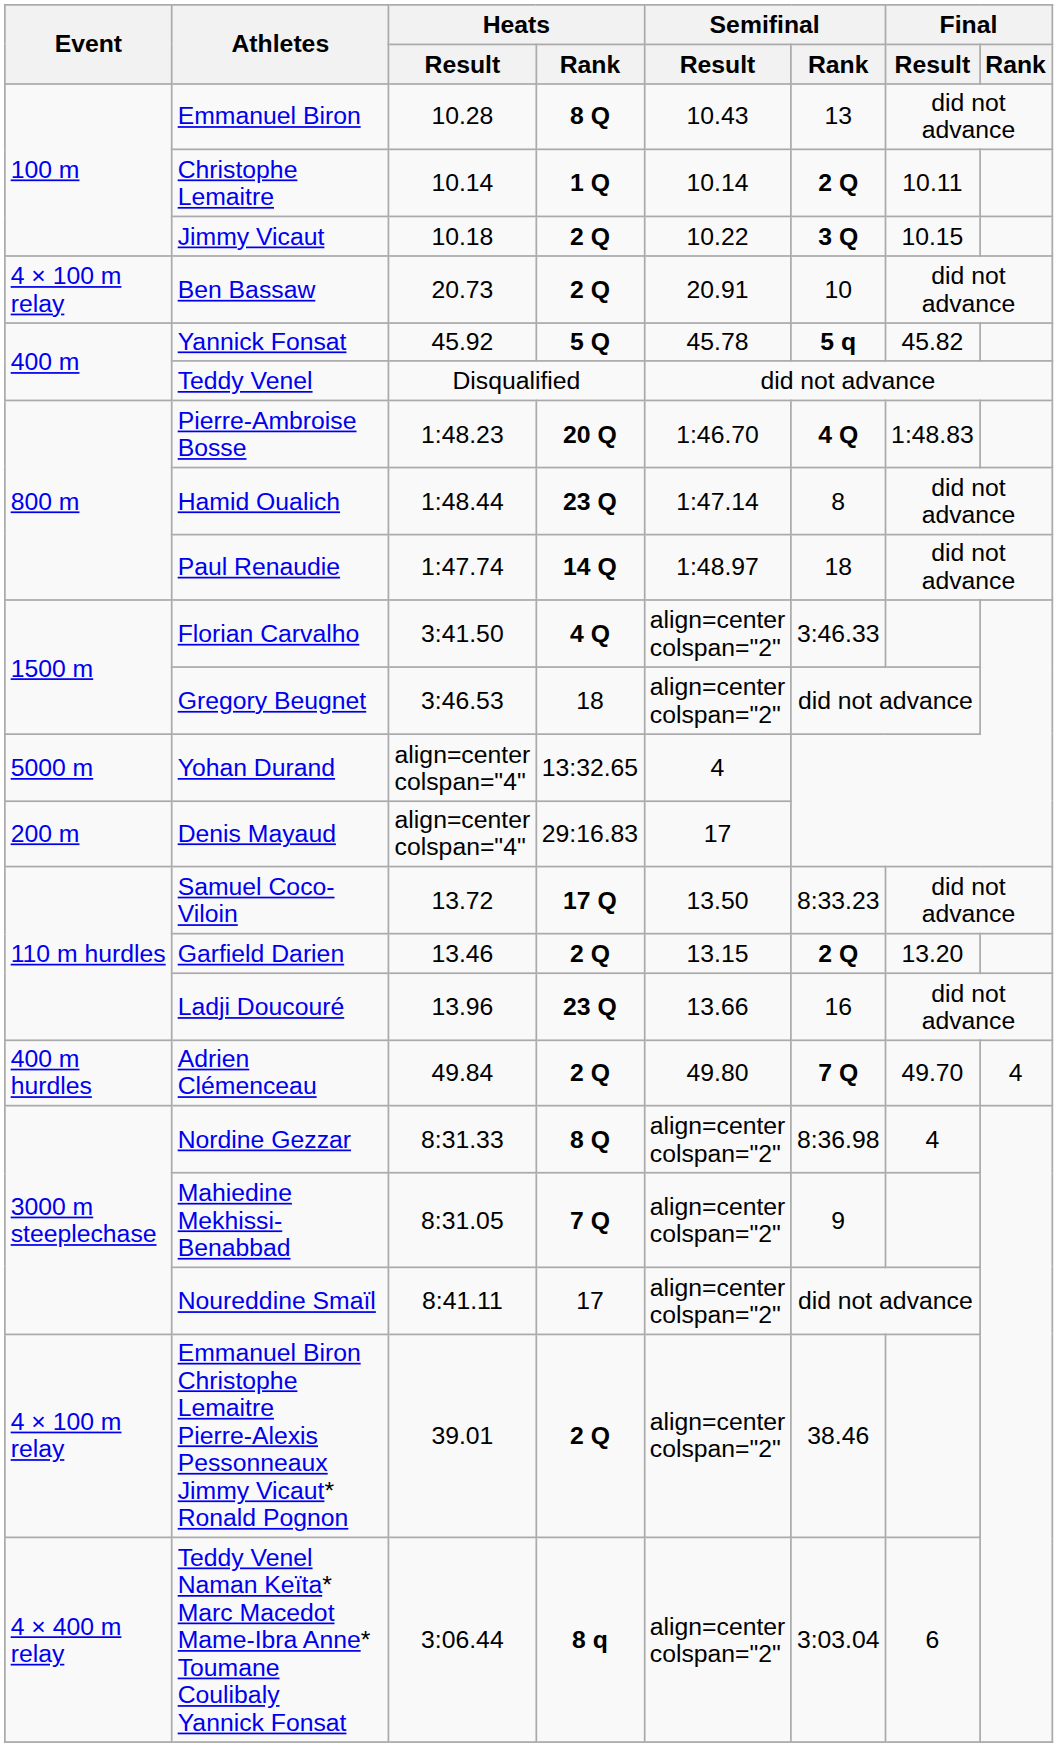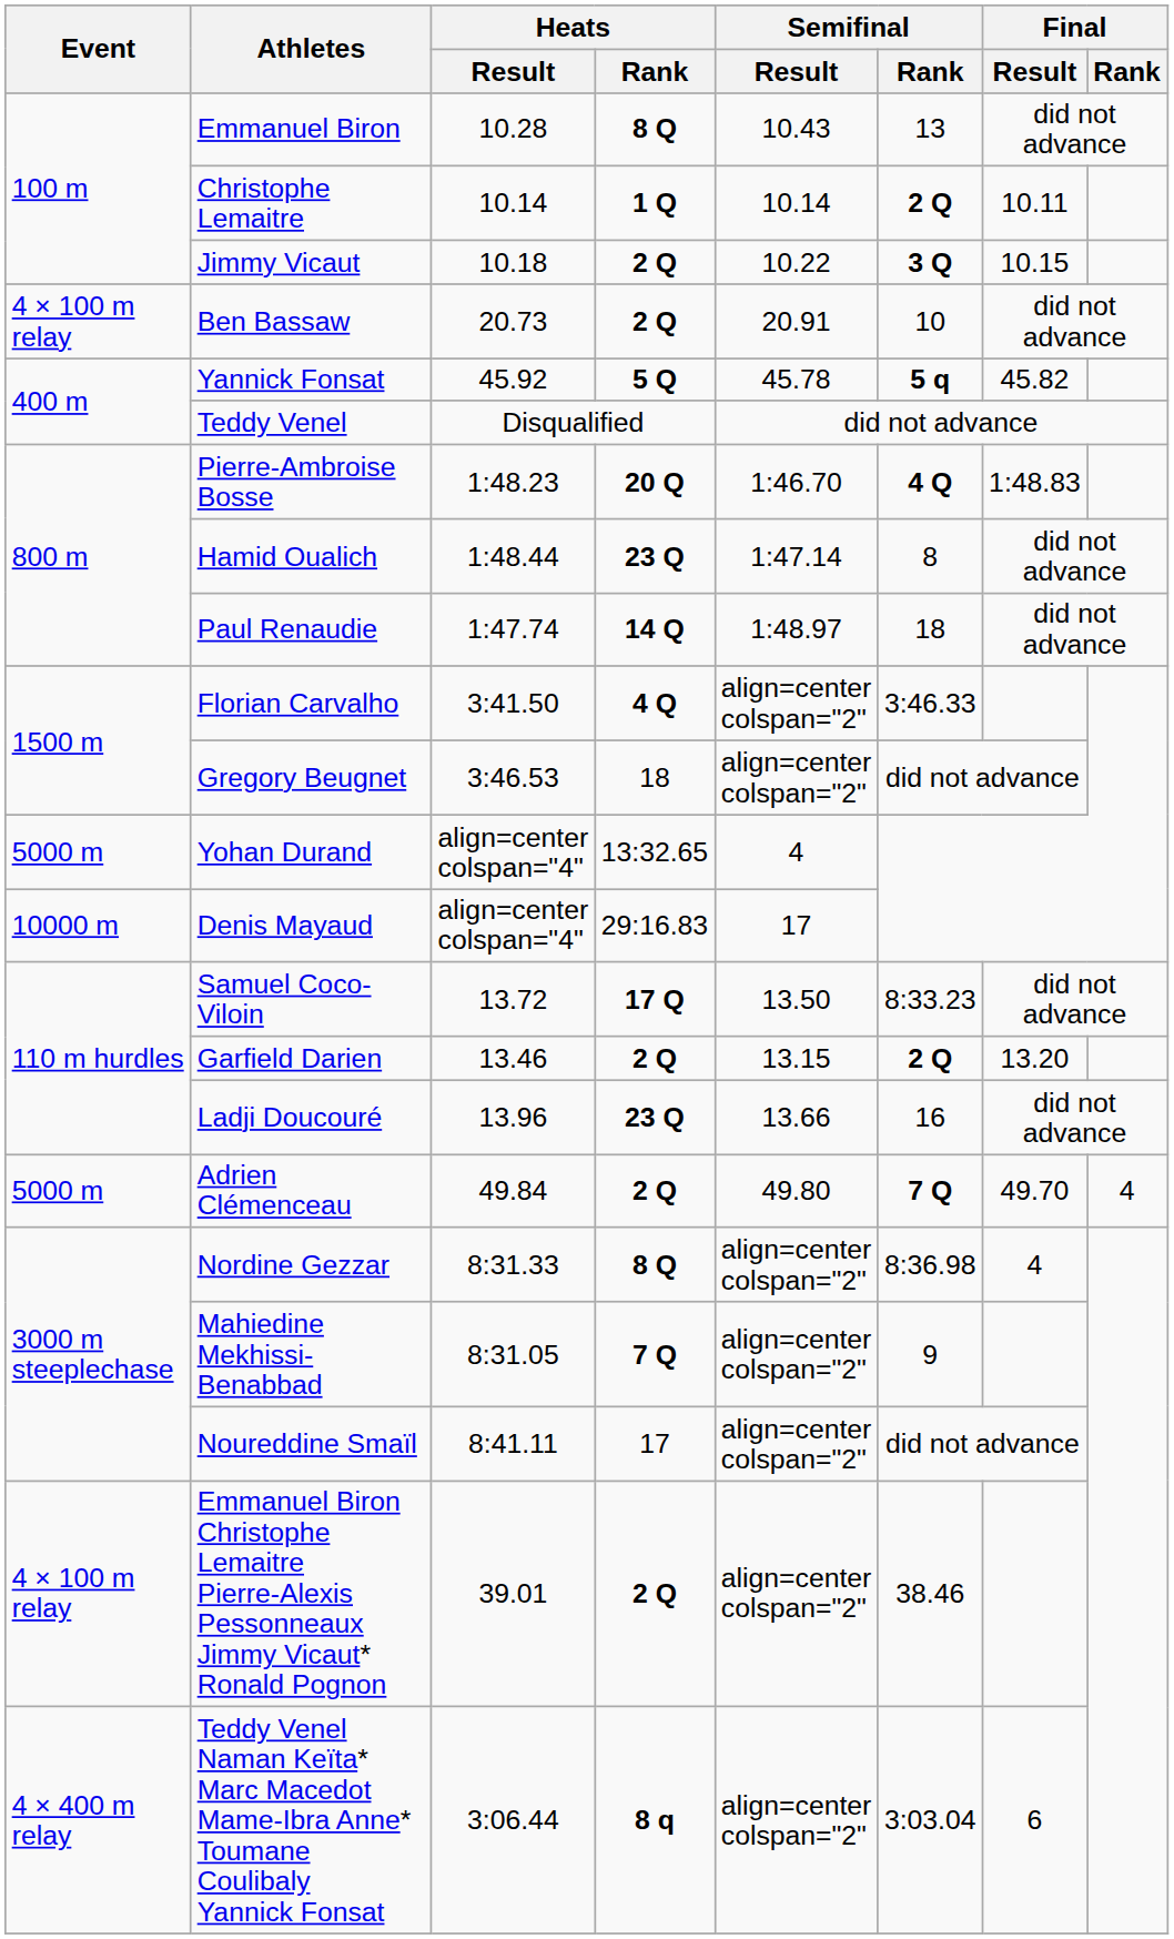 <table class="wikitable" border="1" style="font-size:90%">
 <tr>
 <th rowspan="2" width=100>Event</th>
 <th rowspan="2" width=175>Athletes</th>
 <th colspan="2">Heats</th>
 <th colspan="2">Semifinal</th>
 <th colspan="2">Final</th>
 </tr>
 <tr>
 <th>Result</th>
 <th>Rank</th>
 <th>Result</th>
 <th>Rank</th>
 <th>Result</th>
 <th>Rank</th>
 </tr>
 <tr>
 <td rowspan=3><a href='#'>100 m</a></td>
 <td><a href='#'>Emmanuel Biron</a></td>
 <td align=center>10.28</td>
 <td align=center><strong>8 Q</strong></td>
 <td align=center>10.43</td>
 <td align=center>13</td>
 <td align=center colspan="2">did not advance</td>
 </tr>
 <tr>
 <td><a href='#'>Christophe Lemaitre</a></td>
 <td align=center>10.14</td>
 <td align=center><strong>1 Q</strong></td>
 <td align=center>10.14</td>
 <td align=center><strong>2 Q</strong></td>
 <td align=center>10.11</td>
 <td align=center></td>
 </tr>
 <tr>
 <td><a href='#'>Jimmy Vicaut</a></td>
 <td align=center>10.18</td>
 <td align=center><strong>2 Q</strong></td>
 <td align=center>10.22</td>
 <td align=center><strong>3 Q</strong></td>
 <td align=center>10.15</td>
 <td align=center></td>
 </tr>
 <tr>
 <td><a href='#'>4 × 100 m relay</a></td>
 <td><a href='#'>Ben Bassaw</a></td>
 <td align=center>20.73</td>
 <td align=center><strong>2 Q</strong></td>
 <td align=center>20.91</td>
 <td align=center>10</td>
 <td align=center colspan="2">did not advance</td>
 </tr>
 <tr>
 <td rowspan=2><a href='#'>400 m</a></td>
 <td><a href='#'>Yannick Fonsat</a></td>
 <td align=center>45.92</td>
 <td align=center><strong>5 Q</strong></td>
 <td align=center>45.78</td>
 <td align=center><strong>5 q</strong></td>
 <td align=center>45.82</td>
 <td align=center></td>
 </tr>
 <tr>
 <td><a href='#'>Teddy Venel</a></td>
 <td align=center colspan="2">Disqualified</td>
 <td align=center colspan="4">did not advance</td>
 </tr>
 <tr>
 <td rowspan=3><a href='#'>800 m</a></td>
 <td><a href='#'>Pierre-Ambroise Bosse</a></td>
 <td align=center>1:48.23</td>
 <td align=center><strong>20 Q</strong></td>
 <td align=center>1:46.70</td>
 <td align=center><strong>4 Q</strong></td>
 <td align=center>1:48.83</td>
 <td align=center></td>
 </tr>
 <tr>
 <td><a href='#'>Hamid Oualich</a></td>
 <td align=center>1:48.44</td>
 <td align=center><strong>23 Q</strong></td>
 <td align=center>1:47.14</td>
 <td align=center>8</td>
 <td align=center colspan="2">did not advance</td>
 </tr>
 <tr>
 <td><a href='#'>Paul Renaudie</a></td>
 <td align=center>1:47.74</td>
 <td align=center><strong>14 Q</strong></td>
 <td align=center>1:48.97</td>
 <td align=center>18</td>
 <td align=center colspan="2">did not advance</td>
 </tr>
 <tr>
 <td rowspan=2><a href='#'>1500 m</a></td>
 <td><a href='#'>Florian Carvalho</a></td>
 <td align=center>3:41.50</td>
 <td align=center><strong>4 Q</strong></td>
 <td>align=center colspan="2" </td>
 <td align=center>3:46.33</td>
 <td align=center></td>
 </tr>
 <tr>
 <td><a href='#'>Gregory Beugnet</a></td>
 <td align=center>3:46.53</td>
 <td align=center>18</td>
 <td>align=center colspan="2" </td>
 <td align=center colspan="2">did not advance</td>
 </tr>
 <tr>
 <td><a href='#'>5000 m</a></td>
 <td><a href='#'>Yohan Durand</a></td>
 <td>align=center colspan="4" </td>
 <td align=center>13:32.65</td>
 <td align=center>4</td>
 </tr>
 <tr>
-<td><a href='#'>200 m</a></td>
+<td><a href='#'>10000 m</a></td>
 <td><a href='#'>Denis Mayaud</a></td>
 <td>align=center colspan="4" </td>
 <td align=center>29:16.83</td>
 <td align=center>17</td>
 </tr>
 <tr>
 <td rowspan=3><a href='#'>110 m hurdles</a></td>
 <td><a href='#'>Samuel Coco-Viloin</a></td>
 <td align=center>13.72</td>
 <td align=center><strong>17 Q</strong></td>
 <td align=center>13.50</td>
 <td align=center>8:33.23</td>
 <td align=center colspan="2">did not advance</td>
 </tr>
 <tr>
 <td><a href='#'>Garfield Darien</a></td>
 <td align=center>13.46</td>
 <td align=center><strong>2 Q</strong></td>
 <td align=center>13.15</td>
 <td align=center><strong>2 Q</strong></td>
 <td align=center>13.20</td>
 <td align=center></td>
 </tr>
 <tr>
 <td><a href='#'>Ladji Doucouré</a></td>
 <td align=center>13.96</td>
 <td align=center><strong>23 Q</strong></td>
 <td align=center>13.66</td>
 <td align=center>16</td>
 <td align=center colspan="2">did not advance</td>
 </tr>
 <tr>
-<td><a href='#'>400 m hurdles</a></td>
+<td><a href='#'>5000 m</a></td>
 <td><a href='#'>Adrien Clémenceau</a></td>
 <td align=center>49.84</td>
 <td align=center><strong>2 Q</strong></td>
 <td align=center>49.80</td>
 <td align=center><strong>7 Q</strong></td>
 <td align=center>49.70</td>
 <td align=center>4</td>
 </tr>
 <tr>
 <td rowspan=3><a href='#'>3000 m steeplechase</a></td>
 <td><a href='#'>Nordine Gezzar</a></td>
 <td align=center>8:31.33</td>
 <td align=center><strong>8 Q</strong></td>
 <td>align=center colspan="2" </td>
 <td align=center>8:36.98</td>
 <td align=center>4</td>
 </tr>
 <tr>
 <td><a href='#'>Mahiedine Mekhissi-Benabbad</a></td>
 <td align=center>8:31.05</td>
 <td align=center><strong>7 Q</strong></td>
 <td>align=center colspan="2" </td>
 <td align=center>9</td>
 <td align=center></td>
 </tr>
 <tr>
 <td><a href='#'>Noureddine Smaïl</a></td>
 <td align=center>8:41.11</td>
 <td align=center>17</td>
 <td>align=center colspan="2" </td>
 <td align=center colspan="2">did not advance</td>
 </tr>
 <tr>
 <td><a href='#'>4 × 100 m relay</a></td>
 <td><a href='#'>Emmanuel Biron</a><br><a href='#'>Christophe Lemaitre</a><br><a href='#'>Pierre-Alexis Pessonneaux</a><br><a href='#'>Jimmy Vicaut</a>*<br><a href='#'>Ronald Pognon</a></td>
 <td align=center>39.01</td>
 <td align=center><strong>2 Q</strong></td>
 <td>align=center colspan="2" </td>
 <td align=center>38.46</td>
 <td align=center></td>
 </tr>
 <tr>
 <td><a href='#'>4 × 400 m relay</a></td>
 <td><a href='#'>Teddy Venel</a><br><a href='#'>Naman Keïta</a>*<br><a href='#'>Marc Macedot</a><br><a href='#'>Mame-Ibra Anne</a>*<br><a href='#'>Toumane Coulibaly</a><br><a href='#'>Yannick Fonsat</a></td>
 <td align=center>3:06.44</td>
 <td align=center><strong>8 q</strong></td>
 <td>align=center colspan="2" </td>
 <td align=center>3:03.04</td>
 <td align=center>6</td>
 </tr>
 </table>
